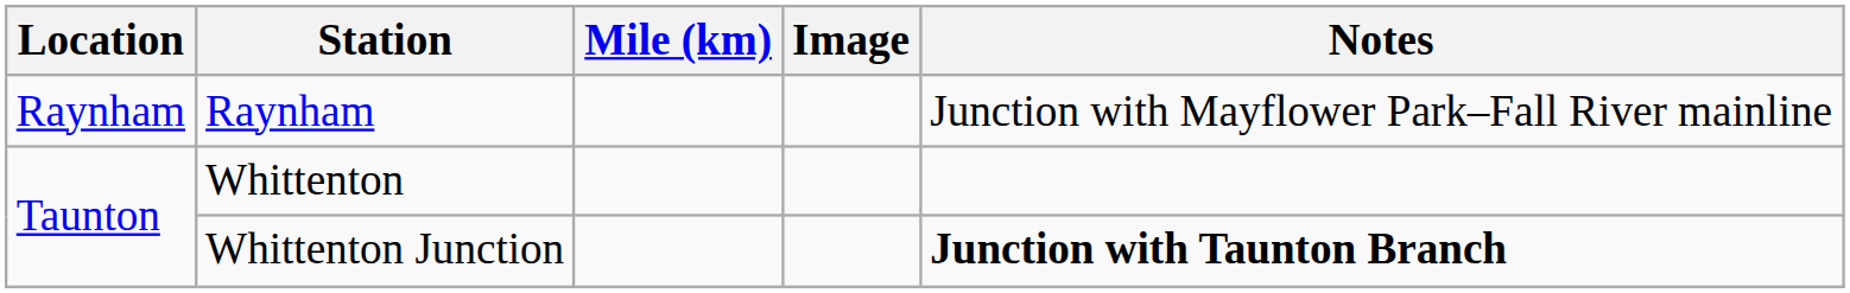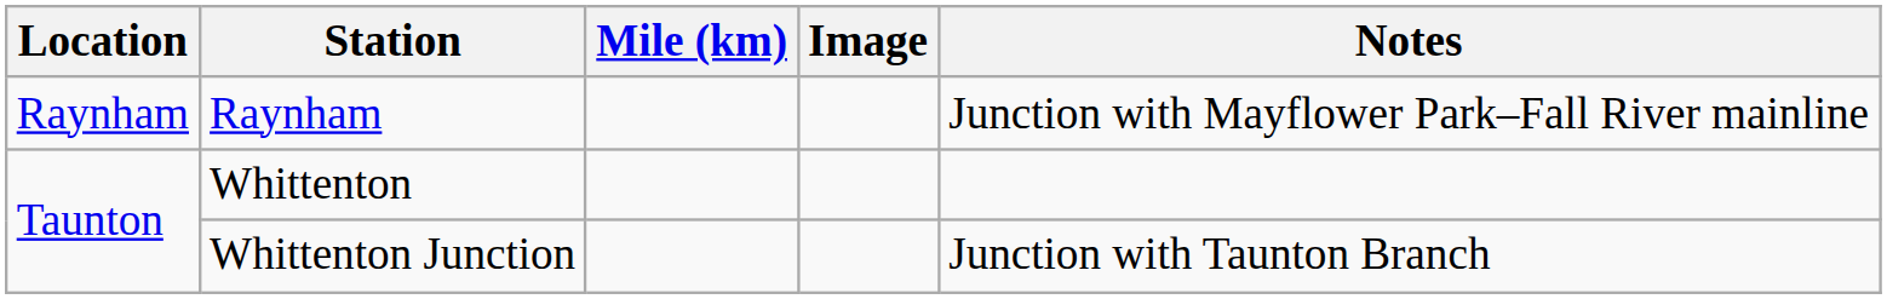 <table class="wikitable">
 <tr>
 <th>Location</th>
 <th>Station</th>
 <th><a href='#'>Mile (km)</a></th>
 <th>Image</th>
 <th>Notes</th>
 </tr>
 <tr>
 <td><a href='#'>Raynham</a></td>
 <td><a href='#'>Raynham</a></td>
 <td></td>
 <td></td>
 <td>Junction with Mayflower Park–Fall River mainline</td>
 </tr>
 <tr>
 <td rowspan="2"><a href='#'>Taunton</a></td>
 <td>Whittenton</td>
 <td></td>
 <td></td>
 <td></td>
 </tr>
 <tr>
 <td>Whittenton Junction</td>
 <td></td>
 <td></td>
-<td><strong>Junction with Taunton Branch</strong></td>
+<td>Junction with Taunton Branch</td>
 </tr>
 </table>
